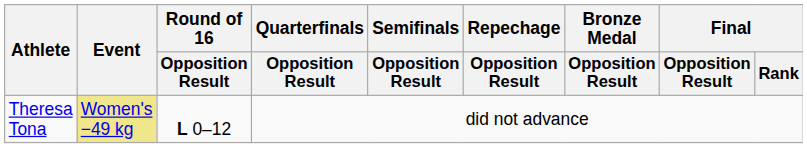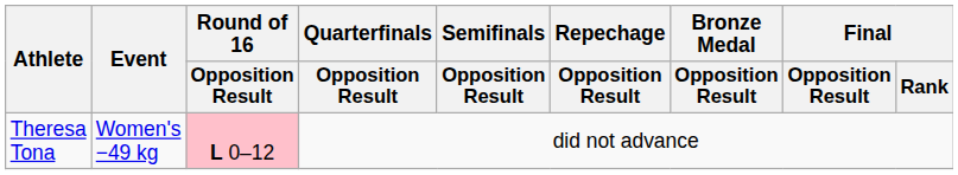 <table class="wikitable" style="font-size:90%">
 <tr>
 <th rowspan=2>Athlete</th>
 <th rowspan=2>Event</th>
 <th>Round of 16</th>
 <th>Quarterfinals</th>
 <th>Semifinals</th>
 <th>Repechage</th>
 <th>Bronze Medal</th>
 <th colspan=2>Final</th>
 </tr>
 <tr style="font-size:95%">
 <th>Opposition<br>Result</th>
 <th>Opposition<br>Result</th>
 <th>Opposition<br>Result</th>
 <th>Opposition<br>Result</th>
 <th>Opposition<br>Result</th>
 <th>Opposition<br>Result</th>
 <th>Rank</th>
 </tr>
 <tr align=center>
 <td align=left><a href='#'>Theresa Tona</a></td>
-<td align=left style="background: khaki;"><a href='#'>Women's −49 kg</a></td>
-<td><br><strong>L</strong> 0–12 </td>
+<td align=left><a href='#'>Women's −49 kg</a></td>
+<td style="background: pink;"><br><strong>L</strong> 0–12 </td>
 <td colspan=6>did not advance</td>
 </tr>
 </table>
